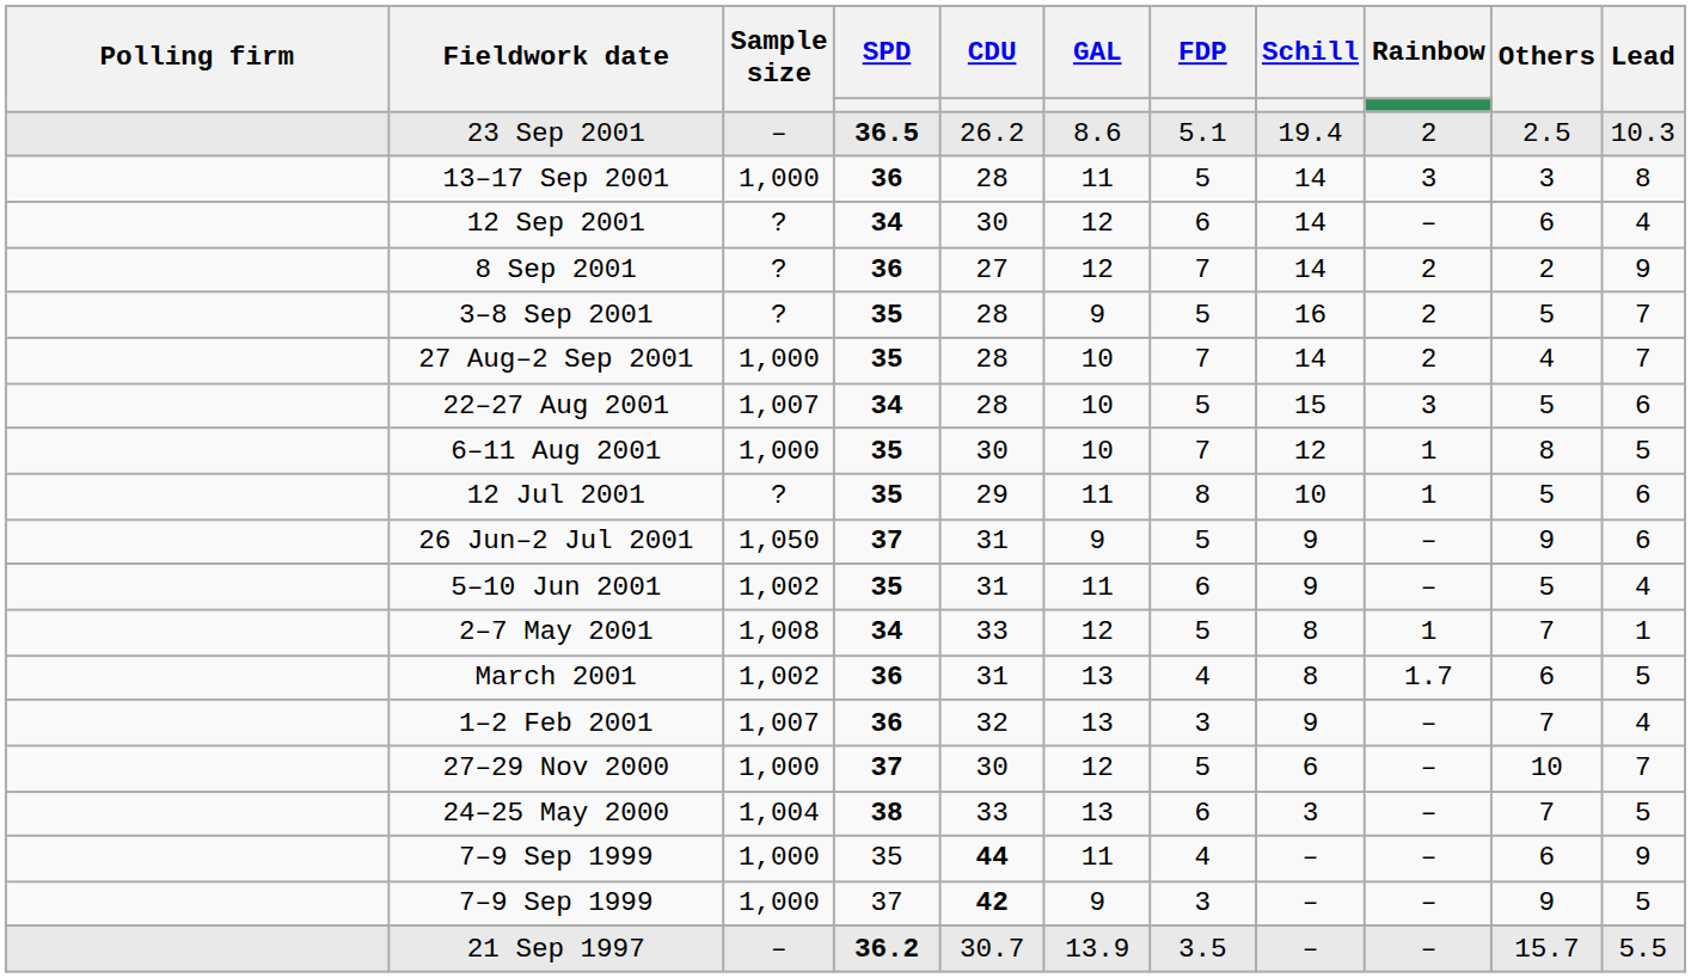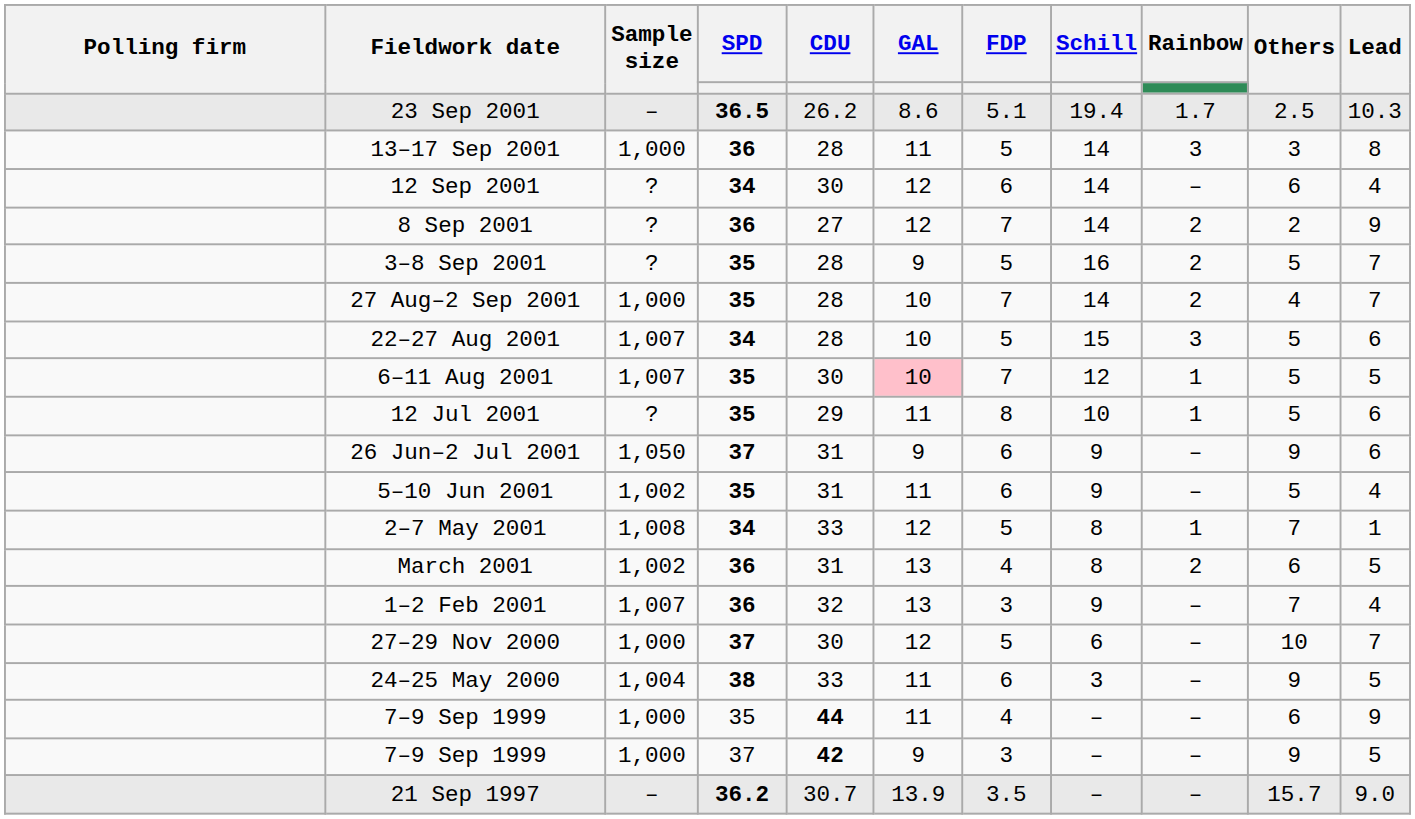 <table class="wikitable sortable" style="text-align:center;font-size:90%;line-height:14px;">
 <tr style="height:40px;">
 <th style="width:160px;" rowspan="2">Polling firm</th>
 <th style="width:140px;" rowspan="2">Fieldwork date</th>
 <th style="width:35px;" rowspan="2">Sample<br>size</th>
 <th class="unsortable" style="width:40px;"><a href='#'>SPD</a></th>
 <th class="unsortable" style="width:40px;"><a href='#'>CDU</a></th>
 <th class="unsortable" style="width:40px;"><a href='#'>GAL</a></th>
 <th class="unsortable" style="width:40px;"><a href='#'>FDP</a></th>
 <th class="unsortable" style="width:40px;"><a href='#'>Schill</a></th>
 <th class="unsortable" style="width:40px;">Rainbow</th>
 <th class="unsortable" style="width:40px;" rowspan="2">Others</th>
 <th style="width:30px;" rowspan="2">Lead</th>
 </tr>
 <tr>
 <th style="background:"></th>
 <th style="background:"></th>
 <th style="background:"></th>
 <th style="background:"></th>
 <th style="background:"></th>
 <th style="background:#2E8B57;"></th>
 </tr>
 <tr style="background:#E9E9E9;">
 <td></td>
 <td data-sort-value="2001-09-23">23 Sep 2001</td>
 <td>–</td>
 <td><strong>36.5</strong></td>
 <td>26.2</td>
 <td>8.6</td>
 <td>5.1</td>
 <td>19.4</td>
-<td>2</td>
+<td>1.7</td>
 <td>2.5</td>
 <td style="background:">10.3</td>
 </tr>
 <tr>
 <td></td>
 <td data-sort-value="2001-09-20">13–17 Sep 2001</td>
 <td>1,000</td>
 <td><strong>36</strong></td>
 <td>28</td>
 <td>11</td>
 <td>5</td>
 <td>14</td>
 <td>3</td>
 <td>3</td>
 <td style="background:">8</td>
 </tr>
 <tr>
 <td></td>
 <td data-sort-value="2001-09-12">12 Sep 2001</td>
 <td>?</td>
 <td><strong>34</strong></td>
 <td>30</td>
 <td>12</td>
 <td>6</td>
 <td>14</td>
 <td>–</td>
 <td>6</td>
 <td style="background:">4</td>
 </tr>
 <tr>
 <td></td>
 <td data-sort-value="2001-09-08">8 Sep 2001</td>
 <td>?</td>
 <td><strong>36</strong></td>
 <td>27</td>
 <td>12</td>
 <td>7</td>
 <td>14</td>
 <td>2</td>
 <td>2</td>
 <td style="background:">9</td>
 </tr>
 <tr>
 <td></td>
 <td data-sort-value="2001-09-13">3–8 Sep 2001</td>
 <td>?</td>
 <td><strong>35</strong></td>
 <td>28</td>
 <td>9</td>
 <td>5</td>
 <td>16</td>
 <td>2</td>
 <td>5</td>
 <td style="background:">7</td>
 </tr>
 <tr>
 <td></td>
 <td data-sort-value="2001-09-06">27 Aug–2 Sep 2001</td>
 <td>1,000</td>
 <td><strong>35</strong></td>
 <td>28</td>
 <td>10</td>
 <td>7</td>
 <td>14</td>
 <td>2</td>
 <td>4</td>
 <td style="background:">7</td>
 </tr>
 <tr>
 <td></td>
 <td data-sort-value="2001-08-29">22–27 Aug 2001</td>
 <td>1,007</td>
 <td><strong>34</strong></td>
 <td>28</td>
 <td>10</td>
 <td>5</td>
 <td>15</td>
 <td>3</td>
 <td>5</td>
 <td style="background:">6</td>
 </tr>
 <tr>
 <td></td>
 <td data-sort-value="2001-08-16">6–11 Aug 2001</td>
-<td>1,000</td>
+<td>1,007</td>
 <td><strong>35</strong></td>
 <td>30</td>
-<td>10</td>
+<td style="background: pink;">10</td>
 <td>7</td>
 <td>12</td>
 <td>1</td>
-<td>8</td>
+<td>5</td>
 <td style="background:">5</td>
 </tr>
 <tr>
 <td></td>
 <td data-sort-value="2001-07-12">12 Jul 2001</td>
 <td>?</td>
 <td><strong>35</strong></td>
 <td>29</td>
 <td>11</td>
 <td>8</td>
 <td>10</td>
 <td>1</td>
 <td>5</td>
 <td style="background:">6</td>
 </tr>
 <tr>
 <td></td>
 <td data-sort-value="2001-07-05">26 Jun–2 Jul 2001</td>
 <td>1,050</td>
 <td><strong>37</strong></td>
 <td>31</td>
 <td>9</td>
-<td>5</td>
+<td>6</td>
 <td>9</td>
 <td>–</td>
 <td>9</td>
 <td style="background:">6</td>
 </tr>
 <tr>
 <td></td>
 <td data-sort-value="2001-06-14">5–10 Jun 2001</td>
 <td>1,002</td>
 <td><strong>35</strong></td>
 <td>31</td>
 <td>11</td>
 <td>6</td>
 <td>9</td>
 <td>–</td>
 <td>5</td>
 <td style="background:">4</td>
 </tr>
 <tr>
 <td></td>
 <td data-sort-value="2001-05-11">2–7 May 2001</td>
 <td>1,008</td>
 <td><strong>34</strong></td>
 <td>33</td>
 <td>12</td>
 <td>5</td>
 <td>8</td>
 <td>1</td>
 <td>7</td>
 <td style="background:">1</td>
 </tr>
 <tr>
 <td></td>
 <td data-sort-value="2001-03-30">March 2001</td>
 <td>1,002</td>
 <td><strong>36</strong></td>
 <td>31</td>
 <td>13</td>
 <td>4</td>
 <td>8</td>
-<td>1.7</td>
+<td>2</td>
 <td>6</td>
 <td style="background:">5</td>
 </tr>
 <tr>
 <td></td>
 <td data-sort-value="2001-02-06">1–2 Feb 2001</td>
 <td>1,007</td>
 <td><strong>36</strong></td>
 <td>32</td>
 <td>13</td>
 <td>3</td>
 <td>9</td>
 <td>–</td>
 <td>7</td>
 <td style="background:">4</td>
 </tr>
 <tr>
 <td></td>
 <td data-sort-value="2000-12-01">27–29 Nov 2000</td>
 <td>1,000</td>
 <td><strong>37</strong></td>
 <td>30</td>
 <td>12</td>
 <td>5</td>
 <td>6</td>
 <td>–</td>
 <td>10</td>
 <td style="background:">7</td>
 </tr>
 <tr>
 <td></td>
 <td data-sort-value="2000-05-27">24–25 May 2000</td>
 <td>1,004</td>
 <td><strong>38</strong></td>
 <td>33</td>
-<td>13</td>
+<td>11</td>
 <td>6</td>
 <td>3</td>
 <td>–</td>
-<td>7</td>
+<td>9</td>
 <td style="background:">5</td>
 </tr>
 <tr>
 <td></td>
 <td data-sort-value="1999-09-11">7–9 Sep 1999</td>
 <td>1,000</td>
 <td>35</td>
 <td><strong>44</strong></td>
 <td>11</td>
 <td>4</td>
 <td>–</td>
 <td>–</td>
 <td>6</td>
 <td style="background:">9</td>
 </tr>
 <tr>
 <td></td>
 <td data-sort-value="1999-09-11">7–9 Sep 1999</td>
 <td>1,000</td>
 <td>37</td>
 <td><strong>42</strong></td>
 <td>9</td>
 <td>3</td>
 <td>–</td>
 <td>–</td>
 <td>9</td>
 <td style="background:">5</td>
 </tr>
 <tr style="background:#E9E9E9;">
 <td></td>
 <td data-sort-value="1997-09-21">21 Sep 1997</td>
 <td>–</td>
 <td><strong>36.2</strong></td>
 <td>30.7</td>
 <td>13.9</td>
 <td>3.5</td>
 <td>–</td>
 <td>–</td>
 <td>15.7</td>
-<td style="background:">5.5</td>
+<td style="background:">9.0</td>
 </tr>
 </table>
